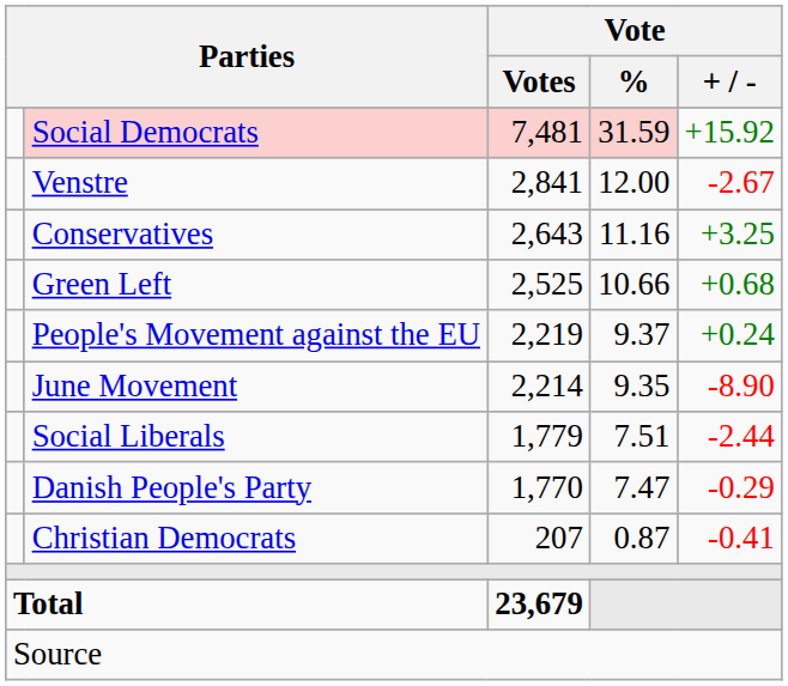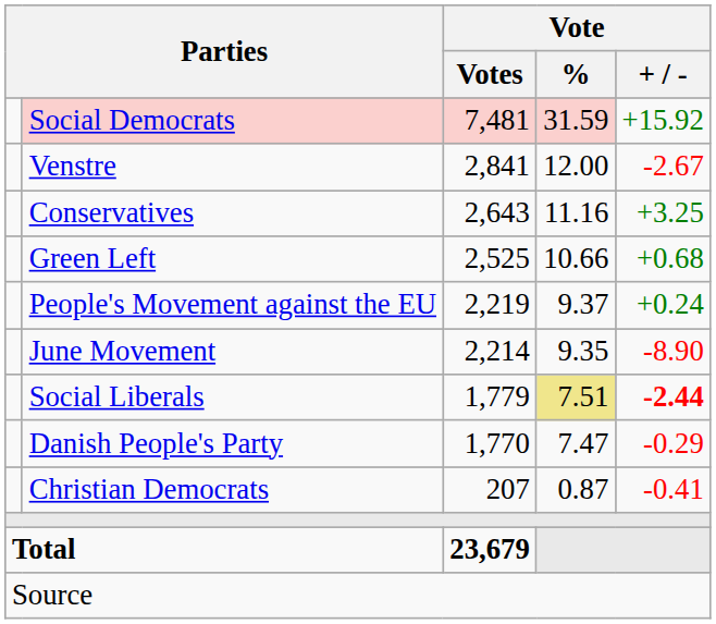 <table class="wikitable" style="text-align:right;">
 <tr>
 <th style="text-align:centre;" rowspan="2" colspan="2" width="225">Parties</th>
 <th colspan="3">Vote</th>
 </tr>
 <tr>
 <th width="15">Votes</th>
 <th width="15">%</th>
 <th width="15">+ / -</th>
 </tr>
 <tr>
 <td width="2" style="color:inherit;background:"></td>
 <td bgcolor=#fbd0ce   align="left"><a href='#'>Social Democrats</a></td>
 <td bgcolor=#fbd0ce>7,481</td>
 <td bgcolor=#fbd0ce>31.59</td>
 <td style=color:green;>+15.92</td>
 </tr>
 <tr>
 <td width="2" style="color:inherit;background:"></td>
 <td align="left"><a href='#'>Venstre</a></td>
 <td>2,841</td>
 <td>12.00</td>
 <td style=color:red;>-2.67</td>
 </tr>
 <tr>
 <td width="2" style="color:inherit;background:"></td>
 <td align="left"><a href='#'>Conservatives</a></td>
 <td>2,643</td>
 <td>11.16</td>
 <td style=color:green;>+3.25</td>
 </tr>
 <tr>
 <td width="2" style="color:inherit;background:"></td>
 <td align="left"><a href='#'>Green Left</a></td>
 <td>2,525</td>
 <td>10.66</td>
 <td style=color:green;>+0.68</td>
 </tr>
 <tr>
 <td width="2" style="color:inherit;background:"></td>
 <td align="left"><a href='#'>People's Movement against the EU</a></td>
 <td>2,219</td>
 <td>9.37</td>
 <td style=color:green;>+0.24</td>
 </tr>
 <tr>
 <td width="2" style="color:inherit;background:"></td>
 <td align="left"><a href='#'>June Movement</a></td>
 <td>2,214</td>
 <td>9.35</td>
 <td style=color:red;>-8.90</td>
 </tr>
 <tr>
 <td width="2" style="color:inherit;background:"></td>
 <td align="left"><a href='#'>Social Liberals</a></td>
 <td>1,779</td>
-<td>7.51</td>
-<td style=color:red;>-2.44</td>
+<td style="background: khaki;">7.51</td>
+<td style=color:red;><strong>-2.44</strong></td>
 </tr>
 <tr>
 <td width="2" style="color:inherit;background:"></td>
 <td align="left"><a href='#'>Danish People's Party</a></td>
 <td>1,770</td>
 <td>7.47</td>
 <td style=color:red;>-0.29</td>
 </tr>
 <tr>
 <td width="2" style="color:inherit;background:"></td>
 <td align="left"><a href='#'>Christian Democrats</a></td>
 <td>207</td>
 <td>0.87</td>
 <td style=color:red;>-0.41</td>
 </tr>
 <tr>
 <td colspan="7" bgcolor="#E9E9E9"></td>
 </tr>
 <tr>
 <td align="left" colspan="2"><strong>Total</strong></td>
 <td><strong>23,679</strong></td>
 <td bgcolor="#E9E9E9" colspan="2"></td>
 </tr>
 <tr>
 <td align="left" colspan="6">Source</td>
 </tr>
 </table>
